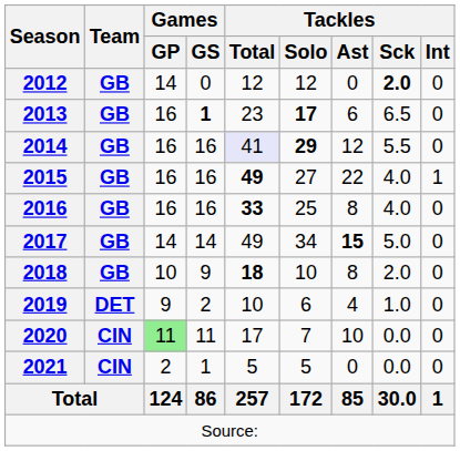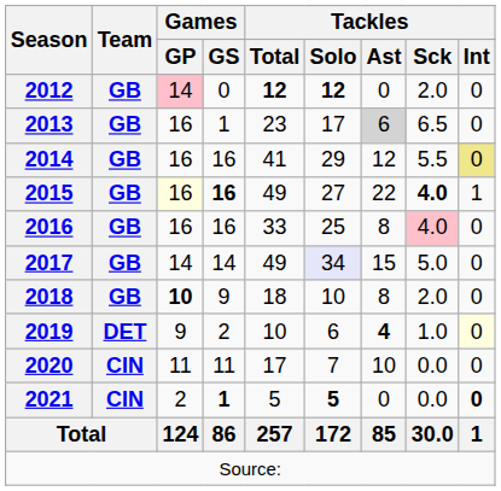 <table class=wikitable style="text-align:center;">
 <tr>
 <th rowspan=2>Season</th>
 <th rowspan=2>Team</th>
 <th colspan=2>Games</th>
 <th colspan=5>Tackles</th>
 </tr>
 <tr>
 <th>GP</th>
 <th>GS</th>
 <th>Total</th>
 <th>Solo</th>
 <th>Ast</th>
 <th>Sck</th>
 <th>Int</th>
 </tr>
 <tr>
 <th><a href='#'>2012</a></th>
 <th><a href='#'>GB</a></th>
-<td>14</td>
+<td style="background: pink;">14</td>
 <td>0</td>
-<td>12</td>
-<td>12</td>
+<td><strong>12</strong></td>
+<td><strong>12</strong></td>
 <td>0</td>
-<td><strong>2.0</strong></td>
+<td>2.0</td>
 <td>0</td>
 </tr>
 <tr>
 <th><a href='#'>2013</a></th>
 <th><a href='#'>GB</a></th>
 <td>16</td>
-<td><strong>1</strong></td>
+<td>1</td>
 <td>23</td>
-<td><strong>17</strong></td>
-<td>6</td>
+<td>17</td>
+<td style="background: lightgrey;">6</td>
 <td>6.5</td>
 <td>0</td>
 </tr>
 <tr>
 <th><a href='#'>2014</a></th>
 <th><a href='#'>GB</a></th>
 <td>16</td>
 <td>16</td>
-<td style="background: lavender;">41</td>
-<td><strong>29</strong></td>
+<td>41</td>
+<td>29</td>
 <td>12</td>
 <td>5.5</td>
-<td>0</td>
+<td style="background: khaki;">0</td>
 </tr>
 <tr>
 <th><a href='#'>2015</a></th>
 <th><a href='#'>GB</a></th>
-<td>16</td>
-<td>16</td>
-<td><strong>49</strong></td>
+<td style="background: lightyellow;">16</td>
+<td><strong>16</strong></td>
+<td>49</td>
 <td>27</td>
 <td>22</td>
-<td>4.0</td>
+<td><strong>4.0</strong></td>
 <td>1</td>
 </tr>
 <tr>
 <th><a href='#'>2016</a></th>
 <th><a href='#'>GB</a></th>
 <td>16</td>
 <td>16</td>
-<td><strong>33</strong></td>
+<td>33</td>
 <td>25</td>
 <td>8</td>
-<td>4.0</td>
+<td style="background: pink;">4.0</td>
 <td>0</td>
 </tr>
 <tr>
 <th><a href='#'>2017</a></th>
 <th><a href='#'>GB</a></th>
 <td>14</td>
 <td>14</td>
 <td>49</td>
-<td>34</td>
-<td><strong>15</strong></td>
+<td style="background: lavender;">34</td>
+<td>15</td>
 <td>5.0</td>
 <td>0</td>
 </tr>
 <tr>
 <th><a href='#'>2018</a></th>
 <th><a href='#'>GB</a></th>
-<td>10</td>
+<td><strong>10</strong></td>
 <td>9</td>
-<td><strong>18</strong></td>
+<td>18</td>
 <td>10</td>
 <td>8</td>
 <td>2.0</td>
 <td>0</td>
 </tr>
 <tr>
 <th><a href='#'>2019</a></th>
 <th><a href='#'>DET</a></th>
 <td>9</td>
 <td>2</td>
 <td>10</td>
 <td>6</td>
-<td>4</td>
+<td><strong>4</strong></td>
 <td>1.0</td>
-<td>0</td>
+<td style="background: lightyellow;">0</td>
 </tr>
 <tr>
 <th><a href='#'>2020</a></th>
 <th><a href='#'>CIN</a></th>
-<td style="background: lightgreen;">11</td>
+<td>11</td>
 <td>11</td>
 <td>17</td>
 <td>7</td>
 <td>10</td>
 <td>0.0</td>
 <td>0</td>
 </tr>
 <tr>
 <th><a href='#'>2021</a></th>
 <th><a href='#'>CIN</a></th>
 <td>2</td>
-<td>1</td>
+<td><strong>1</strong></td>
 <td>5</td>
-<td>5</td>
+<td><strong>5</strong></td>
 <td>0</td>
 <td>0.0</td>
-<td>0</td>
+<td><strong>0</strong></td>
 </tr>
 <tr>
 <th colspan="2">Total</th>
 <th>124</th>
 <th>86</th>
 <th>257</th>
 <th>172</th>
 <th>85</th>
 <th>30.0</th>
 <th>1</th>
 </tr>
 <tr>
 <td colspan="9"><small>Source: </small></td>
 </tr>
 </table>
